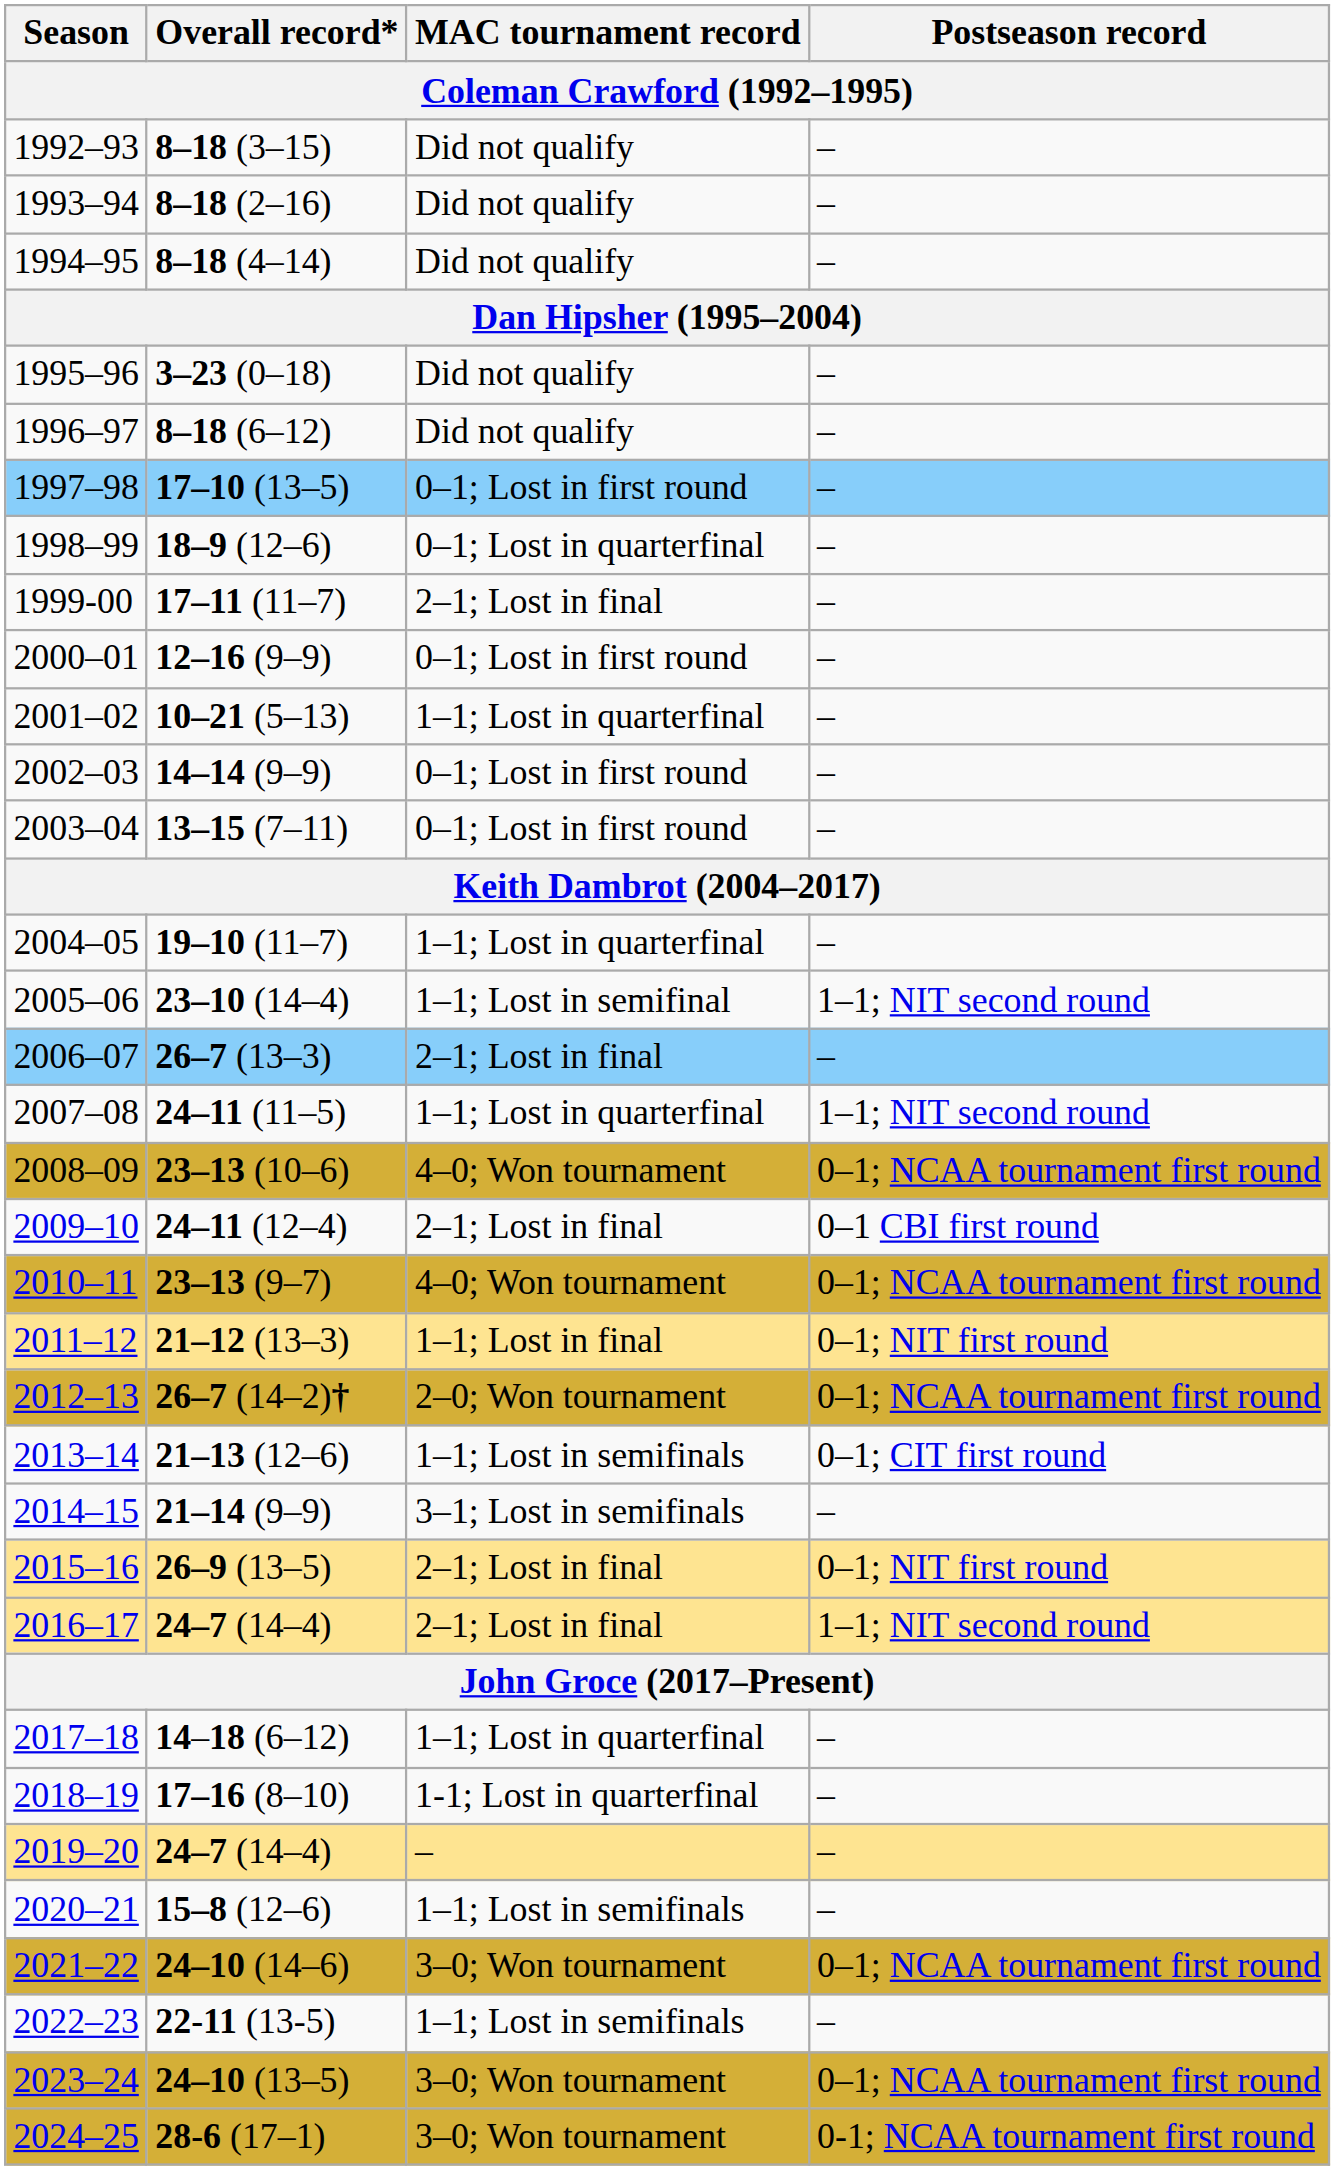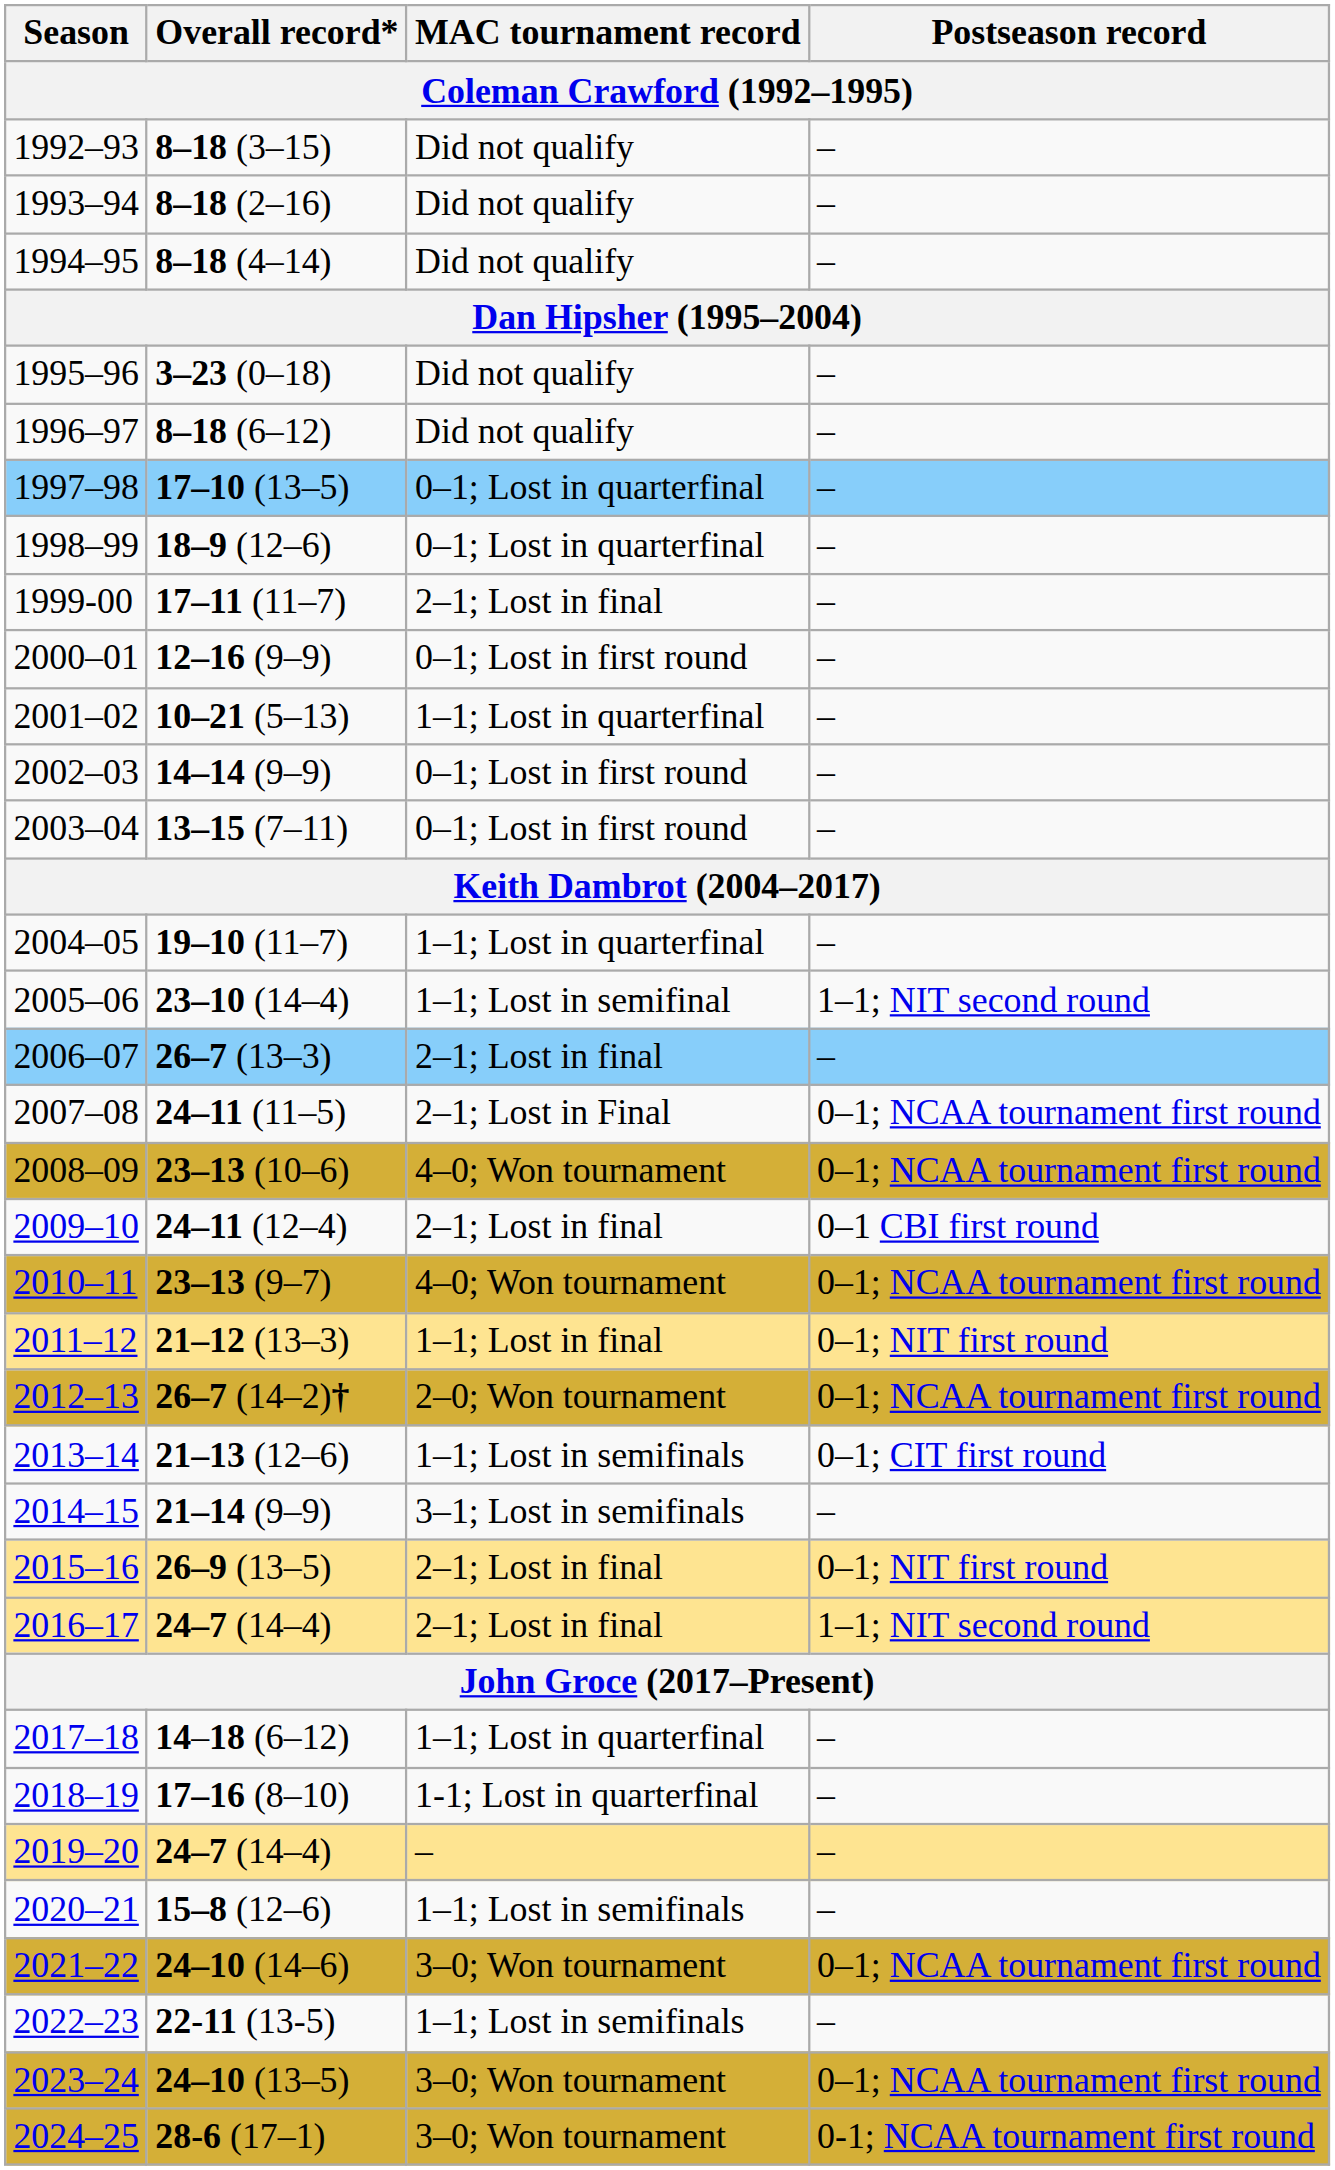 <table class="wikitable">
 <tr>
 <th>Season</th>
 <th>Overall record*</th>
 <th>MAC tournament record</th>
 <th>Postseason record</th>
 </tr>
 <tr>
 <th colspan="4"><a href='#'>Coleman Crawford</a> (1992–1995)</th>
 </tr>
 <tr>
 <td>1992–93</td>
 <td><strong>8–18</strong> (3–15)</td>
 <td>Did not qualify</td>
 <td>–</td>
 </tr>
 <tr>
 <td>1993–94</td>
 <td><strong>8–18</strong> (2–16)</td>
 <td>Did not qualify</td>
 <td>–</td>
 </tr>
 <tr>
 <td>1994–95</td>
 <td><strong>8–18</strong> (4–14)</td>
 <td>Did not qualify</td>
 <td>–</td>
 </tr>
 <tr>
 <th colspan="4"><a href='#'>Dan Hipsher</a> (1995–2004)</th>
 </tr>
 <tr>
 <td>1995–96</td>
 <td><strong>3–23</strong> (0–18)</td>
 <td>Did not qualify</td>
 <td>–</td>
 </tr>
 <tr>
 <td>1996–97</td>
 <td><strong>8–18</strong> (6–12)</td>
 <td>Did not qualify</td>
 <td>–</td>
 </tr>
 <tr style="background:#87CEFA;">
 <td>1997–98</td>
 <td><strong>17–10</strong> (13–5)</td>
-<td>0–1; Lost in first round</td>
+<td>0–1; Lost in quarterfinal</td>
 <td>–</td>
 </tr>
 <tr>
 <td>1998–99</td>
 <td><strong>18–9</strong> (12–6)</td>
 <td>0–1; Lost in quarterfinal</td>
 <td>–</td>
 </tr>
 <tr>
 <td>1999-00</td>
 <td><strong>17–11</strong> (11–7)</td>
 <td>2–1; Lost in final</td>
 <td>–</td>
 </tr>
 <tr>
 <td>2000–01</td>
 <td><strong>12–16</strong> (9–9)</td>
 <td>0–1; Lost in first round</td>
 <td>–</td>
 </tr>
 <tr>
 <td>2001–02</td>
 <td><strong>10–21</strong> (5–13)</td>
 <td>1–1; Lost in quarterfinal</td>
 <td>–</td>
 </tr>
 <tr>
 <td>2002–03</td>
 <td><strong>14–14</strong> (9–9)</td>
 <td>0–1; Lost in first round</td>
 <td>–</td>
 </tr>
 <tr>
 <td>2003–04</td>
 <td><strong>13–15</strong> (7–11)</td>
 <td>0–1; Lost in first round</td>
 <td>–</td>
 </tr>
 <tr>
 <th colspan="4"><a href='#'>Keith Dambrot</a> (2004–2017)</th>
 </tr>
 <tr>
 <td>2004–05</td>
 <td><strong>19–10</strong> (11–7)</td>
 <td>1–1; Lost in quarterfinal</td>
 <td>–</td>
 </tr>
 <tr>
 <td>2005–06</td>
 <td><strong>23–10</strong> (14–4)</td>
 <td>1–1; Lost in semifinal</td>
 <td>1–1; <a href='#'>NIT second round</a></td>
 </tr>
 <tr style="background:#87CEFA;">
 <td>2006–07</td>
 <td><strong>26–7</strong> (13–3)</td>
 <td>2–1; Lost in final</td>
 <td>–</td>
 </tr>
 <tr>
 <td>2007–08</td>
 <td><strong>24–11</strong> (11–5)</td>
-<td>1–1; Lost in quarterfinal</td>
-<td>1–1; <a href='#'>NIT second round</a></td>
+<td>2–1; Lost in Final</td>
+<td>0–1; <a href='#'>NCAA tournament first round</a></td>
 </tr>
 <tr style="background:#d4af37;">
 <td>2008–09</td>
 <td><strong>23–13</strong> (10–6)</td>
 <td>4–0; Won tournament</td>
 <td>0–1; <a href='#'>NCAA tournament first round</a></td>
 </tr>
 <tr>
 <td><a href='#'>2009–10</a></td>
 <td><strong>24–11</strong> (12–4)</td>
 <td>2–1; Lost in final</td>
 <td>0–1 <a href='#'>CBI first round</a></td>
 </tr>
 <tr style="background:#d4af37;">
 <td><a href='#'>2010–11</a></td>
 <td><strong>23–13</strong> (9–7)</td>
 <td>4–0; Won tournament</td>
 <td>0–1; <a href='#'>NCAA tournament first round</a></td>
 </tr>
 <tr style="background:#fee491;">
 <td><a href='#'>2011–12</a></td>
 <td><strong>21–12</strong> (13–3)</td>
 <td>1–1; Lost in final</td>
 <td>0–1; <a href='#'>NIT first round</a></td>
 </tr>
 <tr style="background:#d4af37;">
 <td><a href='#'>2012–13</a></td>
 <td><strong>26–7</strong> (14–2)<strong>†</strong></td>
 <td>2–0; Won tournament</td>
 <td>0–1; <a href='#'>NCAA tournament first round</a></td>
 </tr>
 <tr>
 <td><a href='#'>2013–14</a></td>
 <td><strong>21–13</strong> (12–6)</td>
 <td>1–1; Lost in semifinals</td>
 <td>0–1; <a href='#'>CIT first round</a></td>
 </tr>
 <tr>
 <td><a href='#'>2014–15</a></td>
 <td><strong>21–14</strong> (9–9)</td>
 <td>3–1; Lost in semifinals</td>
 <td>–</td>
 </tr>
 <tr style="background:#fee491;">
 <td><a href='#'>2015–16</a></td>
 <td><strong>26–9</strong> (13–5)</td>
 <td>2–1; Lost in final</td>
 <td>0–1; <a href='#'>NIT first round</a></td>
 </tr>
 <tr style="background:#fee491;">
 <td><a href='#'>2016–17</a></td>
 <td><strong>24–7</strong> (14–4)</td>
 <td>2–1; Lost in final</td>
 <td>1–1; <a href='#'>NIT second round</a></td>
 </tr>
 <tr>
 <th colspan="4"><a href='#'>John Groce</a> (2017–Present)</th>
 </tr>
 <tr>
 <td><a href='#'>2017–18</a></td>
 <td><strong>14</strong>–<strong>18</strong> (6–12)</td>
 <td>1–1; Lost in quarterfinal</td>
 <td>–</td>
 </tr>
 <tr>
 <td><a href='#'>2018–19</a></td>
 <td><strong>17–16</strong> (8–10)</td>
 <td>1-1; Lost in quarterfinal</td>
 <td>–</td>
 </tr>
 <tr style="background:#fee491;">
 <td><a href='#'>2019–20</a></td>
 <td><strong>24–7</strong> (14–4)</td>
 <td>–</td>
 <td>–</td>
 </tr>
 <tr>
 <td><a href='#'>2020–21</a></td>
 <td><strong>15–8</strong> (12–6)</td>
 <td>1–1; Lost in semifinals</td>
 <td>–</td>
 </tr>
 <tr style="background:#d4af37;">
 <td><a href='#'>2021–22</a></td>
 <td><strong>24–10</strong> (14–6)</td>
 <td>3–0; Won tournament</td>
 <td>0–1; <a href='#'>NCAA tournament first round</a></td>
 </tr>
 <tr>
 <td><a href='#'>2022–23</a></td>
 <td><strong>22-11</strong> (13-5)</td>
 <td>1–1; Lost in semifinals</td>
 <td>–</td>
 </tr>
 <tr style="background:#d4af37;">
 <td><a href='#'>2023–24</a></td>
 <td><strong>24–10</strong> (13–5)</td>
 <td>3–0; Won tournament</td>
 <td>0–1; <a href='#'>NCAA tournament first round</a></td>
 </tr>
 <tr style="background:#d4af37;">
 <td><a href='#'>2024–25</a></td>
 <td><strong>28-6</strong> (17–1)</td>
 <td>3–0; Won tournament</td>
 <td>0-1; <a href='#'>NCAA tournament first round</a></td>
 </tr>
 </table>
